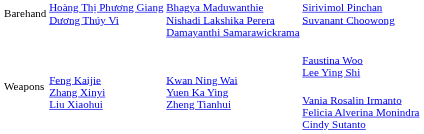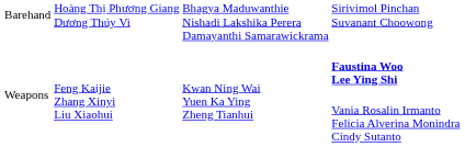 <table>
 <tr>
 <td>Barehand</td>
 <td valign=top><br><a href='#'>Hoàng Thị Phương Giang</a><br><a href='#'>Dương Thúy Vi</a></td>
 <td><br><a href='#'>Bhagya Maduwanthie</a><br><a href='#'>Nishadi Lakshika Perera</a><br><a href='#'>Damayanthi Samarawickrama</a></td>
 <td valign=top><br><a href='#'>Sirivimol Pinchan</a><br><a href='#'>Suvanant Choowong</a></td>
 </tr>
 <tr>
 <td rowspan=2>Weapons</td>
 <td rowspan=2><br><a href='#'>Feng Kaijie</a><br><a href='#'>Zhang Xinyi</a><br><a href='#'>Liu Xiaohui</a></td>
 <td rowspan=2><br><a href='#'>Kwan Ning Wai</a><br><a href='#'>Yuen Ka Ying</a><br><a href='#'>Zheng Tianhui</a></td>
-<td><br><a href='#'>Faustina Woo</a><br><a href='#'>Lee Ying Shi</a></td>
+<td><strong><br><a href='#'>Faustina Woo</a><br><a href='#'>Lee Ying Shi</a></strong></td>
 </tr>
 <tr>
 <td><br><a href='#'>Vania Rosalin Irmanto</a><br><a href='#'>Felicia Alverina Monindra</a><br><a href='#'>Cindy Sutanto</a></td>
 </tr>
 </table>
